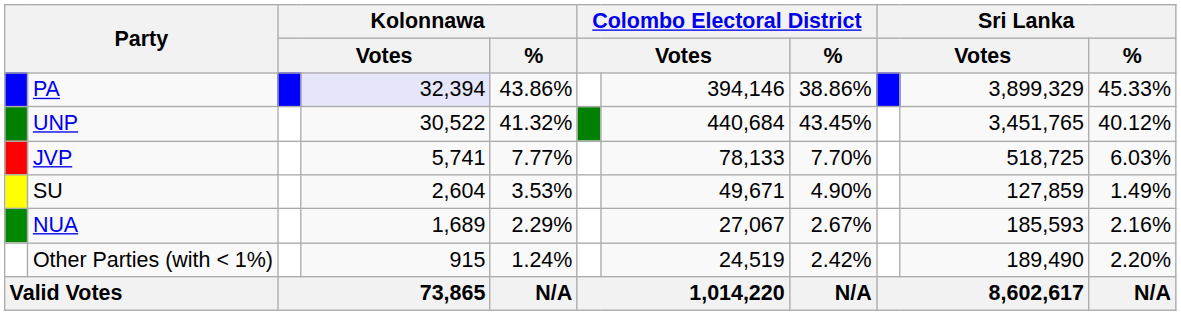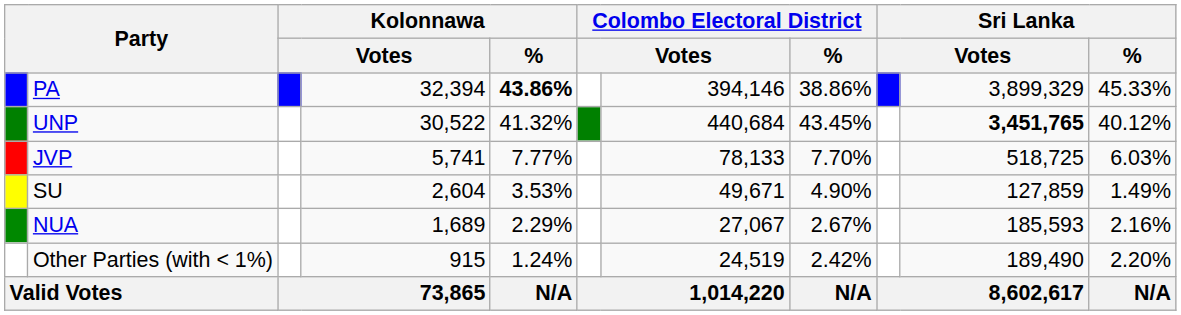 <table class="wikitable">
 <tr>
 <th colspan="2" width="144px"rowspan="2">Party</th>
 <th colspan="3" width="216px">Kolonnawa</th>
 <th colspan="3" width="216px"><a href='#'>Colombo Electoral District</a></th>
 <th colspan="3" width="216px">Sri Lanka</th>
 </tr>
 <tr>
 <th colspan="2" width="144px">Votes</th>
 <th>%</th>
 <th colspan="2" width="144px">Votes</th>
 <th>%</th>
 <th colspan="2" width="144px">Votes</th>
 <th>%</th>
 </tr>
 <tr>
 <td style="background-color:blue;" width="10px"></td>
 <td style="text-align:left;"><a href='#'>PA</a></td>
 <td style="background-color:blue;" width="10px"></td>
-<td style="background: lavender; text-align:right;">32,394</td>
-<td style="text-align:right;">43.86%</td>
+<td style="text-align:right;">32,394</td>
+<td style="text-align:right;"><strong>43.86%</strong></td>
 <td style="background-color:white;" width="10px"></td>
 <td style="text-align:right;">394,146</td>
 <td style="text-align:right;">38.86%</td>
 <td style="background-color:blue;" width="10px"></td>
 <td style="text-align:right;">3,899,329</td>
 <td style="text-align:right;">45.33%</td>
 </tr>
 <tr>
 <td style="background-color:green;" width="10px"></td>
 <td style="text-align:left;"><a href='#'>UNP</a></td>
 <td style="background-color:white;" width="10px"></td>
 <td style="text-align:right;">30,522</td>
 <td style="text-align:right;">41.32%</td>
 <td style="background-color:green;" width="10px"></td>
 <td style="text-align:right;">440,684</td>
 <td style="text-align:right;">43.45%</td>
 <td style="background-color:white;" width="10px"></td>
-<td style="text-align:right;">3,451,765</td>
+<td style="text-align:right;"><strong>3,451,765</strong></td>
 <td style="text-align:right;">40.12%</td>
 </tr>
 <tr>
 <td style="background-color:red;" width="10px"></td>
 <td style="text-align:left;"><a href='#'>JVP</a></td>
 <td style="background-color:white;" width="10px"></td>
 <td style="text-align:right;">5,741</td>
 <td style="text-align:right;">7.77%</td>
 <td style="background-color:white;" width="10px"></td>
 <td style="text-align:right;">78,133</td>
 <td style="text-align:right;">7.70%</td>
 <td style="background-color:white;" width="10px"></td>
 <td style="text-align:right;">518,725</td>
 <td style="text-align:right;">6.03%</td>
 </tr>
 <tr>
 <td style="background-color:yellow;" width="10px"></td>
 <td style="text-align:left;">SU</td>
 <td style="background-color:white;" width="10px"></td>
 <td style="text-align:right;">2,604</td>
 <td style="text-align:right;">3.53%</td>
 <td style="background-color:white;" width="10px"></td>
 <td style="text-align:right;">49,671</td>
 <td style="text-align:right;">4.90%</td>
 <td style="background-color:white;" width="10px"></td>
 <td style="text-align:right;">127,859</td>
 <td style="text-align:right;">1.49%</td>
 </tr>
 <tr>
 <td style="background-color:#008800;" width="10px"></td>
 <td style="text-align:left;"><a href='#'>NUA</a></td>
 <td style="background-color:white;" width="10px"></td>
 <td style="text-align:right;">1,689</td>
 <td style="text-align:right;">2.29%</td>
 <td style="background-color:white;" width="10px"></td>
 <td style="text-align:right;">27,067</td>
 <td style="text-align:right;">2.67%</td>
 <td style="background-color:white;" width="10px"></td>
 <td style="text-align:right;">185,593</td>
 <td style="text-align:right;">2.16%</td>
 </tr>
 <tr>
 <td style="background-color:white;" width="10px"></td>
 <td style="text-align:left;">Other Parties (with < 1%)</td>
 <td style="background-color:white;" width="10px"></td>
 <td style="text-align:right;">915</td>
 <td style="text-align:right;">1.24%</td>
 <td style="background-color:white;" width="10px"></td>
 <td style="text-align:right;">24,519</td>
 <td style="text-align:right;">2.42%</td>
 <td style="background-color:white;" width="10px"></td>
 <td style="text-align:right;">189,490</td>
 <td style="text-align:right;">2.20%</td>
 </tr>
 <tr>
 <th colspan="2" width="144px"style="text-align:left;">Valid Votes</th>
 <th style="text-align:right;"colspan="2" width="144px">73,865</th>
 <th style="text-align:right;">N/A</th>
 <th style="text-align:right;"colspan="2" width="144px">1,014,220</th>
 <th style="text-align:right;">N/A</th>
 <th style="text-align:right;"colspan="2" width="144px">8,602,617</th>
 <th style="text-align:right;">N/A</th>
 </tr>
 </table>
